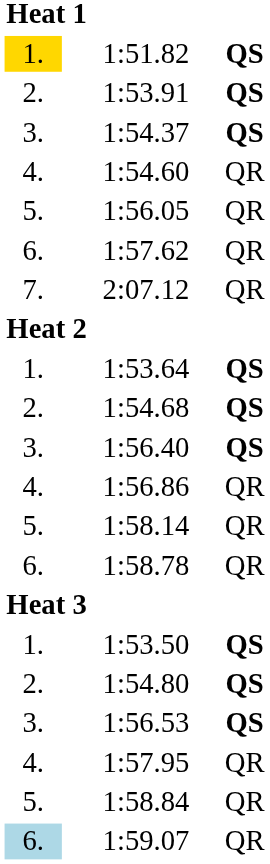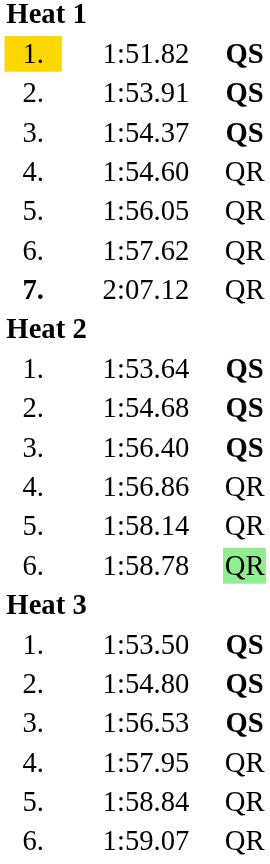 <table style="text-align:center">
 <tr>
 <td colspan=4 align=left><strong>Heat 1</strong></td>
 </tr>
 <tr>
 <td width=30 style="background: gold;">1.</td>
 <td align=left></td>
 <td width=80>1:51.82</td>
 <td><strong>QS</strong></td>
 </tr>
 <tr>
 <td>2.</td>
 <td align=left></td>
 <td>1:53.91</td>
 <td><strong>QS</strong></td>
 </tr>
 <tr>
 <td>3.</td>
 <td align=left></td>
 <td>1:54.37</td>
 <td><strong>QS</strong></td>
 </tr>
 <tr>
 <td>4.</td>
 <td align=left></td>
 <td>1:54.60</td>
 <td>QR</td>
 </tr>
 <tr>
 <td>5.</td>
 <td align=left></td>
 <td>1:56.05</td>
 <td>QR</td>
 </tr>
 <tr>
 <td>6.</td>
 <td align=left></td>
 <td>1:57.62</td>
 <td>QR</td>
 </tr>
 <tr>
-<td>7.</td>
+<td><strong>7.</strong></td>
 <td align=left></td>
 <td>2:07.12</td>
 <td>QR</td>
 </tr>
 <tr>
 <td colspan=4 align=left><strong>Heat 2</strong></td>
 </tr>
 <tr>
 <td>1.</td>
 <td align=left></td>
 <td>1:53.64</td>
 <td><strong>QS</strong></td>
 </tr>
 <tr>
 <td>2.</td>
 <td align=left></td>
 <td>1:54.68</td>
 <td><strong>QS</strong></td>
 </tr>
 <tr>
 <td>3.</td>
 <td align=left></td>
 <td>1:56.40</td>
 <td><strong>QS</strong></td>
 </tr>
 <tr>
 <td>4.</td>
 <td align=left></td>
 <td>1:56.86</td>
 <td>QR</td>
 </tr>
 <tr>
 <td>5.</td>
 <td align=left></td>
 <td>1:58.14</td>
 <td>QR</td>
 </tr>
 <tr>
 <td>6.</td>
 <td align=left></td>
 <td>1:58.78</td>
-<td>QR</td>
+<td style="background: lightgreen;">QR</td>
 </tr>
 <tr>
 <td colspan=4 align=left><strong>Heat 3</strong></td>
 </tr>
 <tr>
 <td>1.</td>
 <td align=left></td>
 <td>1:53.50</td>
 <td><strong>QS</strong></td>
 </tr>
 <tr>
 <td>2.</td>
 <td align=left></td>
 <td>1:54.80</td>
 <td><strong>QS</strong></td>
 </tr>
 <tr>
 <td>3.</td>
 <td align=left></td>
 <td>1:56.53</td>
 <td><strong>QS</strong></td>
 </tr>
 <tr>
 <td>4.</td>
 <td align=left></td>
 <td>1:57.95</td>
 <td>QR</td>
 </tr>
 <tr>
 <td>5.</td>
 <td align=left></td>
 <td>1:58.84</td>
 <td>QR</td>
 </tr>
 <tr>
-<td style="background: lightblue;">6.</td>
+<td>6.</td>
 <td align=left></td>
 <td>1:59.07</td>
 <td>QR</td>
 </tr>
 </table>
